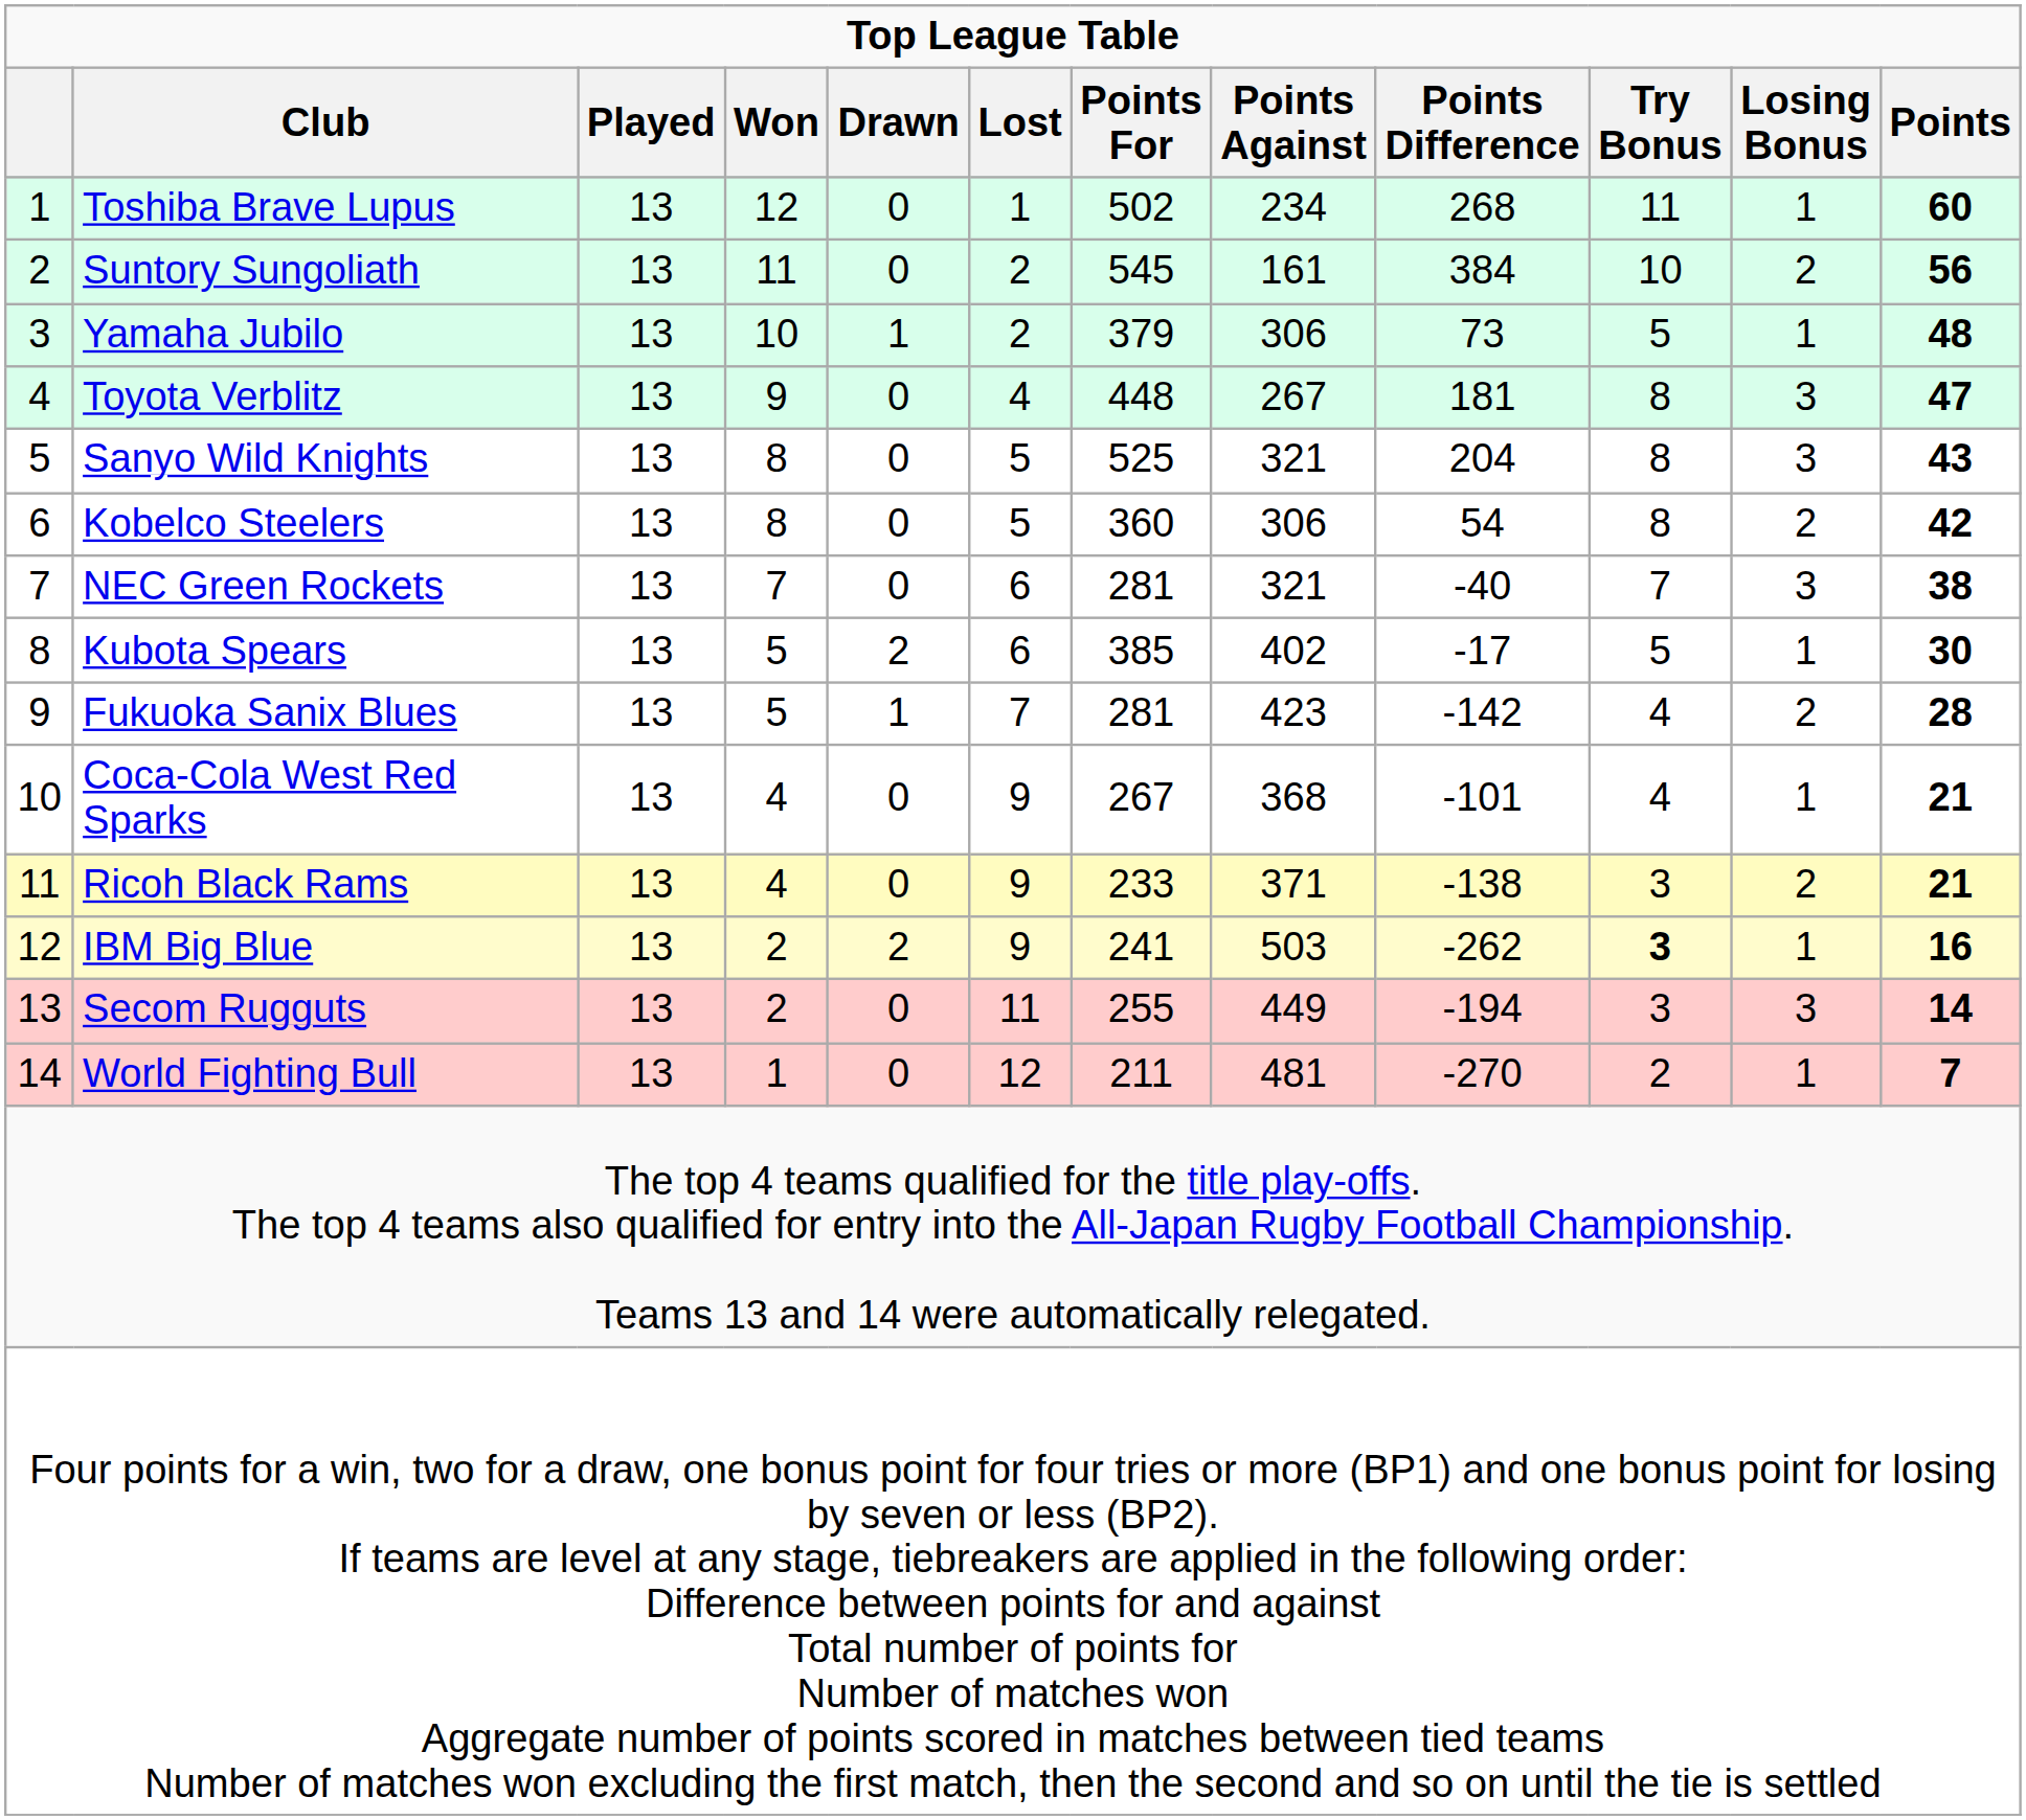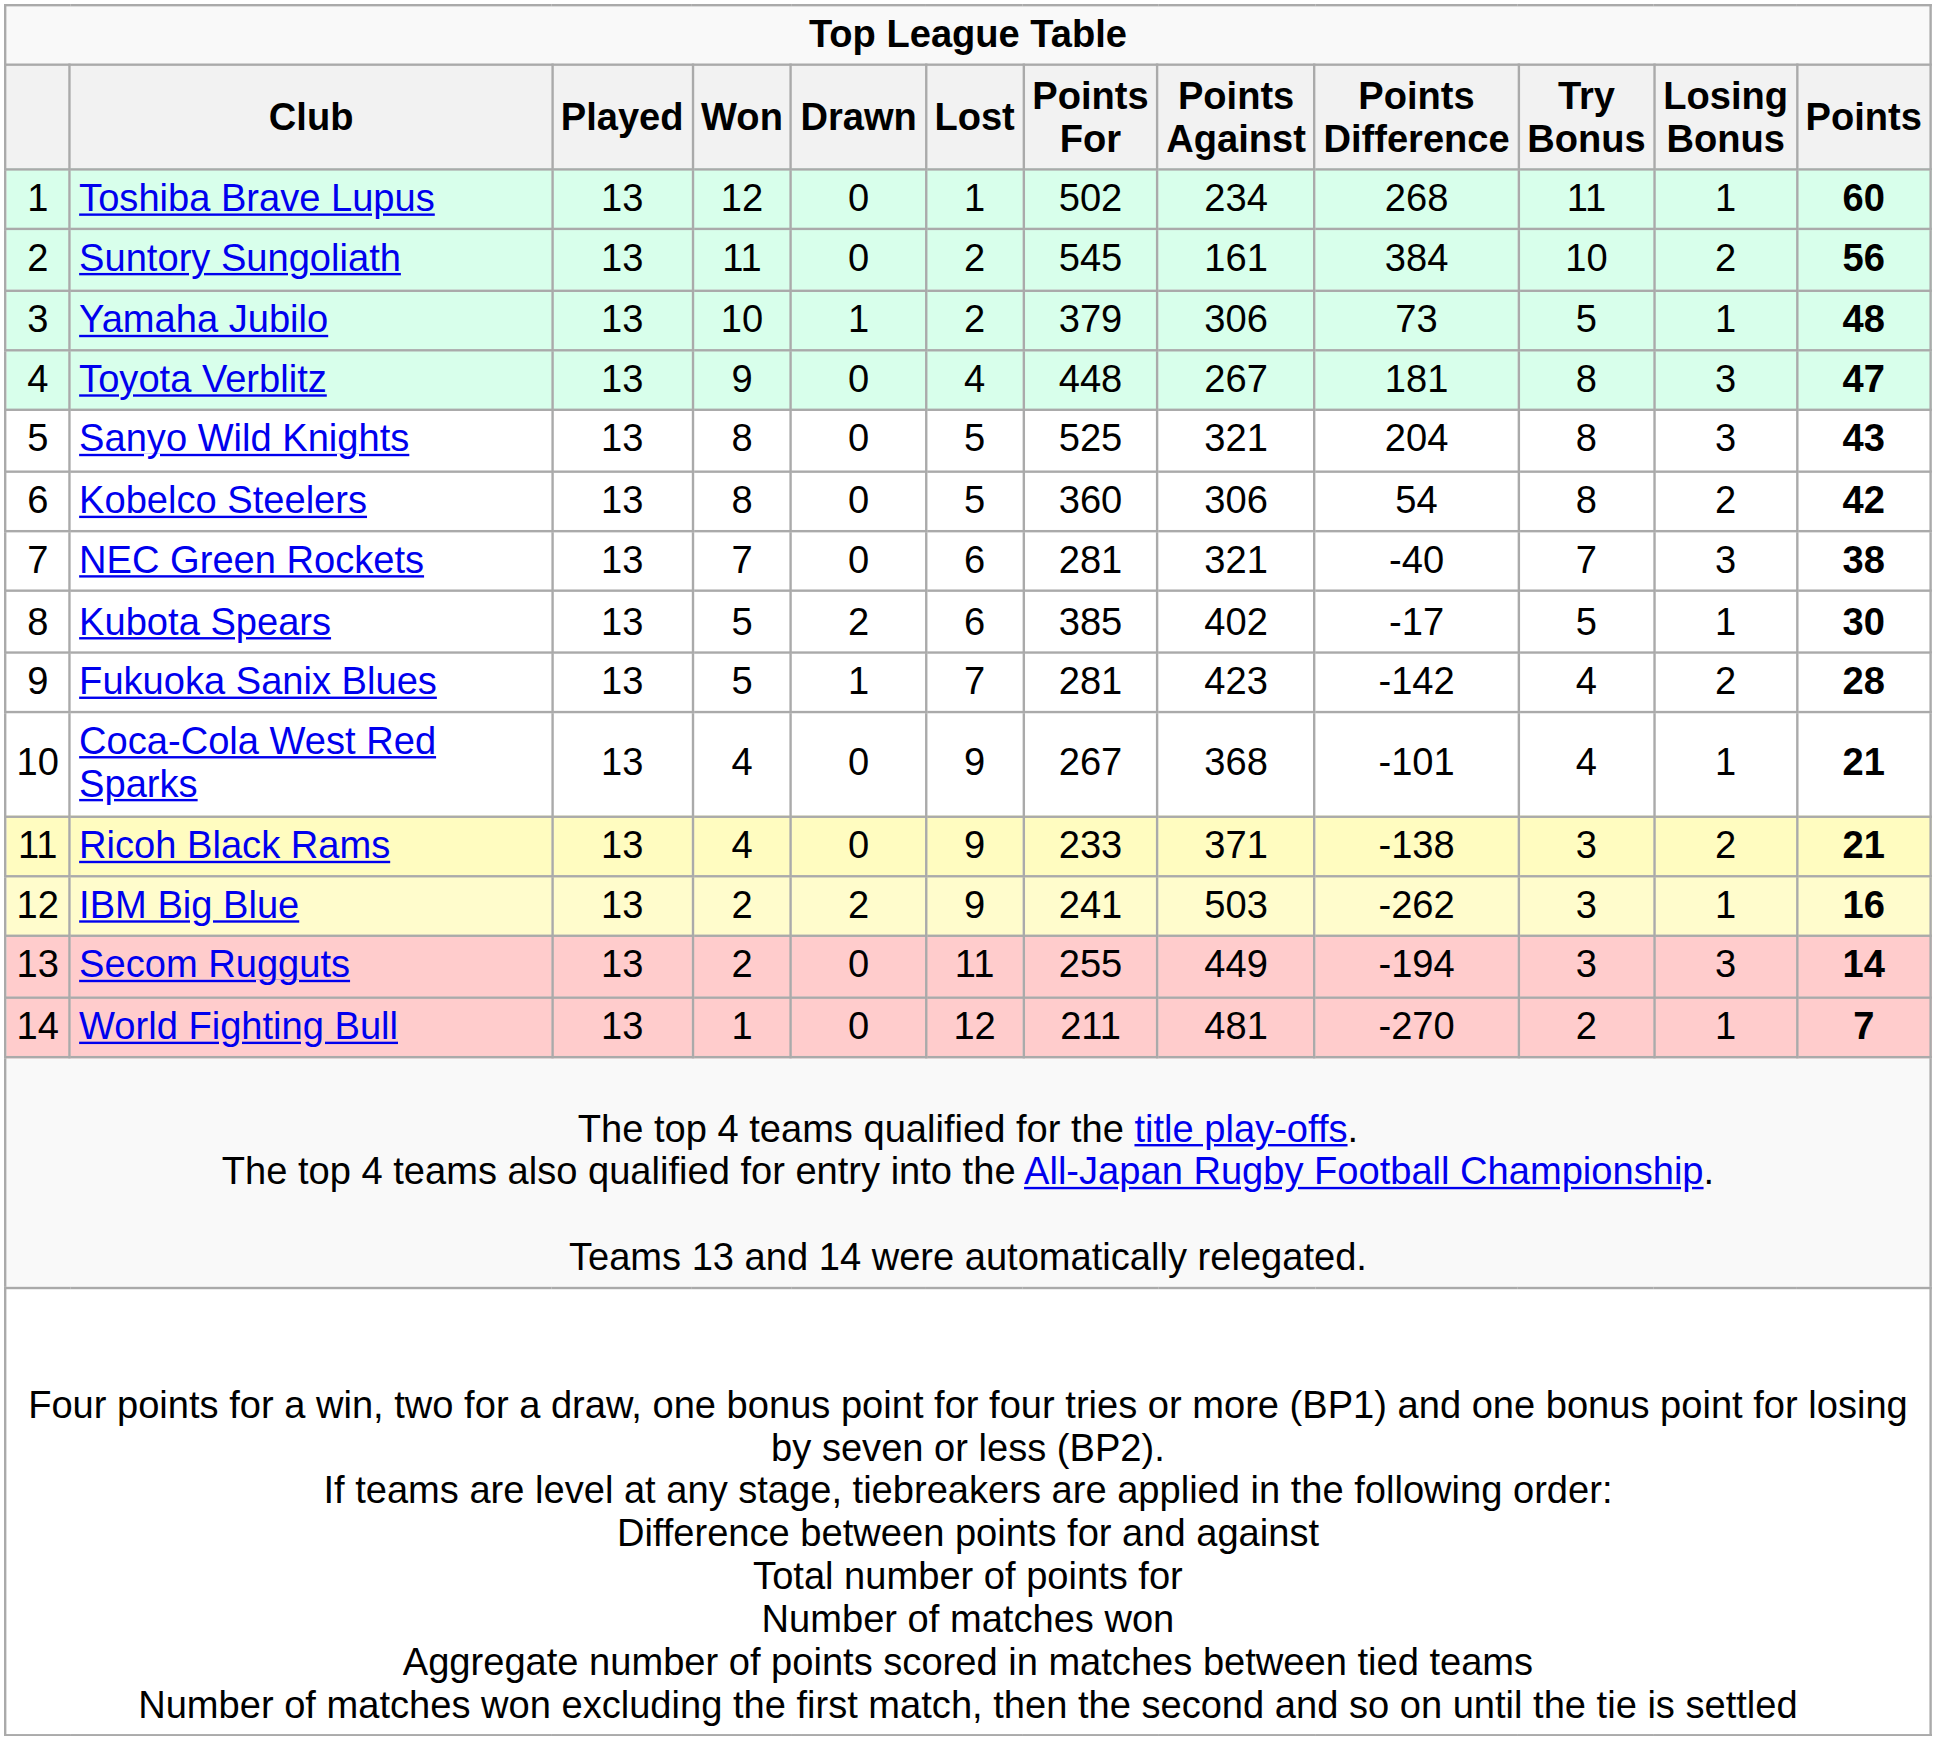 <table class="wikitable" style="text-align: center;">
 <tr>
 <td colspan="15" cellpadding="0" cellspacing="0"><strong>Top League Table</strong></td>
 </tr>
 <tr>
 <th bgcolor="#efefef" width="20"></th>
 <th bgcolor="#efefef" width="195">Club</th>
 <th bgcolor="#efefef" width="20">Played</th>
 <th bgcolor="#efefef" width="20">Won</th>
 <th bgcolor="#efefef" width="20">Drawn</th>
 <th bgcolor="#efefef" width="20">Lost</th>
 <th bgcolor="#efefef" width="20">Points For</th>
 <th bgcolor="#efefef" width="20">Points Against</th>
 <th bgcolor="#efefef" width="20">Points Difference</th>
 <th bgcolor="#efefef" width="20">Try Bonus</th>
 <th bgcolor="#efefef" width="20">Losing Bonus</th>
 <th bgcolor="#efefef" width="20">Points</th>
 </tr>
 <tr bgcolor=#d8ffeb align=center>
 <td>1</td>
 <td style="text-align:left;"><a href='#'>Toshiba Brave Lupus</a></td>
 <td>13</td>
 <td>12</td>
 <td>0</td>
 <td>1</td>
 <td>502</td>
 <td>234</td>
 <td>268</td>
 <td>11</td>
 <td>1</td>
 <td><strong>60</strong></td>
 </tr>
 <tr bgcolor=#d8ffeb align=center>
 <td>2</td>
 <td style="text-align:left;"><a href='#'>Suntory Sungoliath</a></td>
 <td>13</td>
 <td>11</td>
 <td>0</td>
 <td>2</td>
 <td>545</td>
 <td>161</td>
 <td>384</td>
 <td>10</td>
 <td>2</td>
 <td><strong>56</strong></td>
 </tr>
 <tr bgcolor=#d8ffeb align=center>
 <td>3</td>
 <td style="text-align:left;"><a href='#'>Yamaha Jubilo</a></td>
 <td>13</td>
 <td>10</td>
 <td>1</td>
 <td>2</td>
 <td>379</td>
 <td>306</td>
 <td>73</td>
 <td>5</td>
 <td>1</td>
 <td><strong>48</strong></td>
 </tr>
 <tr bgcolor=#d8ffeb align=center>
 <td>4</td>
 <td style="text-align:left;"><a href='#'>Toyota Verblitz</a></td>
 <td>13</td>
 <td>9</td>
 <td>0</td>
 <td>4</td>
 <td>448</td>
 <td>267</td>
 <td>181</td>
 <td>8</td>
 <td>3</td>
 <td><strong>47</strong></td>
 </tr>
 <tr bgcolor=#ffffff align=center>
 <td>5</td>
 <td style="text-align:left;"><a href='#'>Sanyo Wild Knights</a></td>
 <td>13</td>
 <td>8</td>
 <td>0</td>
 <td>5</td>
 <td>525</td>
 <td>321</td>
 <td>204</td>
 <td>8</td>
 <td>3</td>
 <td><strong>43</strong></td>
 </tr>
 <tr bgcolor=#ffffff align=center>
 <td>6</td>
 <td style="text-align:left;"><a href='#'>Kobelco Steelers</a></td>
 <td>13</td>
 <td>8</td>
 <td>0</td>
 <td>5</td>
 <td>360</td>
 <td>306</td>
 <td>54</td>
 <td>8</td>
 <td>2</td>
 <td><strong>42</strong></td>
 </tr>
 <tr bgcolor=#ffffff align=center>
 <td>7</td>
 <td style="text-align:left;"><a href='#'>NEC Green Rockets</a></td>
 <td>13</td>
 <td>7</td>
 <td>0</td>
 <td>6</td>
 <td>281</td>
 <td>321</td>
 <td>-40</td>
 <td>7</td>
 <td>3</td>
 <td><strong>38</strong></td>
 </tr>
 <tr bgcolor=#ffffff align=center>
 <td>8</td>
 <td style="text-align:left;"><a href='#'>Kubota Spears</a></td>
 <td>13</td>
 <td>5</td>
 <td>2</td>
 <td>6</td>
 <td>385</td>
 <td>402</td>
 <td>-17</td>
 <td>5</td>
 <td>1</td>
 <td><strong>30</strong></td>
 </tr>
 <tr bgcolor=#ffffff align=center>
 <td>9</td>
 <td style="text-align:left;"><a href='#'>Fukuoka Sanix Blues</a></td>
 <td>13</td>
 <td>5</td>
 <td>1</td>
 <td>7</td>
 <td>281</td>
 <td>423</td>
 <td>-142</td>
 <td>4</td>
 <td>2</td>
 <td><strong>28</strong></td>
 </tr>
 <tr bgcolor=#ffffff align=center>
 <td>10</td>
 <td style="text-align:left;"><a href='#'>Coca-Cola West Red Sparks</a></td>
 <td>13</td>
 <td>4</td>
 <td>0</td>
 <td>9</td>
 <td>267</td>
 <td>368</td>
 <td>-101</td>
 <td>4</td>
 <td>1</td>
 <td><strong>21</strong></td>
 </tr>
 <tr bgcolor=#fffcc align=center>
 <td>11</td>
 <td style="text-align:left;"><a href='#'>Ricoh Black Rams</a></td>
 <td>13</td>
 <td>4</td>
 <td>0</td>
 <td>9</td>
 <td>233</td>
 <td>371</td>
 <td>-138</td>
 <td>3</td>
 <td>2</td>
 <td><strong>21</strong></td>
 </tr>
 <tr bgcolor=#fffccc align=center>
 <td>12</td>
 <td style="text-align:left;"><a href='#'>IBM Big Blue</a></td>
 <td>13</td>
 <td>2</td>
 <td>2</td>
 <td>9</td>
 <td>241</td>
 <td>503</td>
 <td>-262</td>
-<td><strong>3</strong></td>
+<td>3</td>
 <td>1</td>
 <td><strong>16</strong></td>
 </tr>
 <tr bgcolor=#ffcccc  align=center>
 <td>13</td>
 <td style="text-align:left;"><a href='#'>Secom Rugguts</a></td>
 <td>13</td>
 <td>2</td>
 <td>0</td>
 <td>11</td>
 <td>255</td>
 <td>449</td>
 <td>-194</td>
 <td>3</td>
 <td>3</td>
 <td><strong>14</strong></td>
 </tr>
 <tr bgcolor=#ffcccc  align=center>
 <td>14</td>
 <td style="text-align:left;"><a href='#'>World Fighting Bull</a></td>
 <td>13</td>
 <td>1</td>
 <td>0</td>
 <td>12</td>
 <td>211</td>
 <td>481</td>
 <td>-270</td>
 <td>2</td>
 <td>1</td>
 <td><strong>7</strong></td>
 </tr>
 <tr align=center>
 <td colspan="15" style="border:0px"><br> The top 4 teams qualified for the <a href='#'>title play-offs</a>.<br> The top 4 teams also qualified for entry into the <a href='#'>All-Japan Rugby Football Championship</a>.<br> <br>  Teams 13 and 14 were automatically relegated.</td>
 </tr>
 <tr bgcolor=#ffffff align=center>
 <td colspan="15"><br><br>Four points for a win, two for a draw, one bonus point for four tries or more (BP1) and one bonus point for losing by seven or less (BP2).<br> If teams are level at any stage, tiebreakers are applied in the following order:<br>  Difference between points for and against<br>  Total number of points for<br>  Number of matches won<br>  Aggregate number of points scored in matches between tied teams<br>  Number of matches won excluding the first match, then the second and so on until the tie is settled<br></td>
 </tr>
 <tr |align=left|>
 </tr>
 </table>
